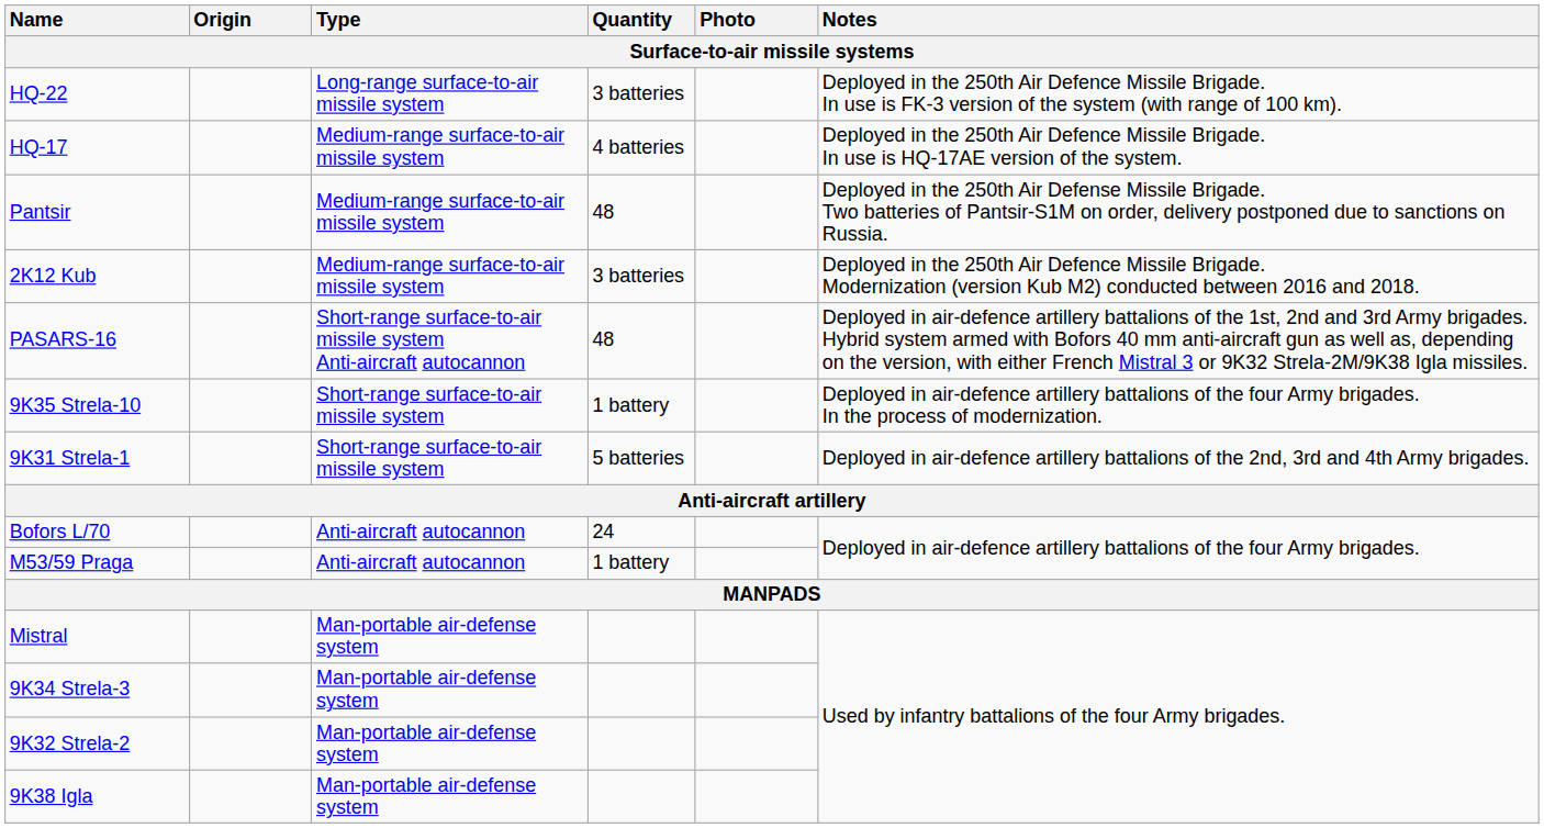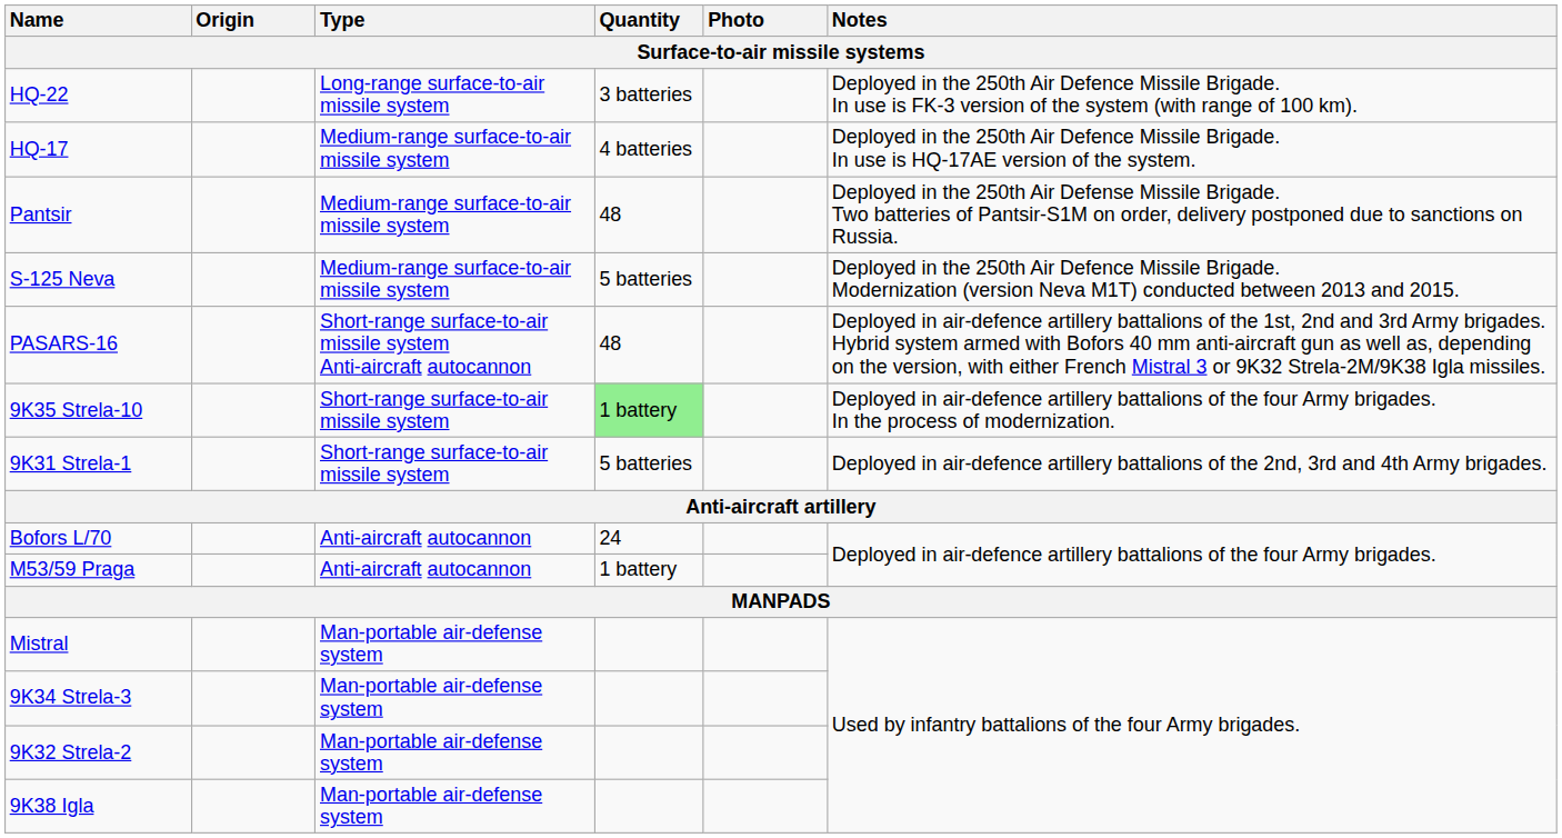 <table class="wikitable">
 <tr>
 <th style="text-align: left; width:12%;">Name</th>
 <th style="text-align: left; width:8%;">Origin</th>
 <th style="text-align: left; width:18%;">Type</th>
 <th style="text-align: left; width:7%;">Quantity</th>
 <th style="text-align: left;width:8%;">Photo</th>
 <th style="text-align: left;width:47%;">Notes</th>
 </tr>
 <tr>
 <th colspan="6">Surface-to-air missile systems</th>
 </tr>
 <tr>
 <td><a href='#'>HQ-22</a></td>
 <td></td>
 <td><a href='#'>Long-range surface-to-air missile system</a></td>
 <td>3 batteries</td>
 <td></td>
 <td>Deployed in the 250th Air Defence Missile Brigade.<br>In use is FK-3 version of the system (with range of 100 km).</td>
 </tr>
 <tr>
 <td><a href='#'>HQ-17</a></td>
 <td></td>
 <td><a href='#'>Medium-range surface-to-air missile system</a></td>
 <td>4 batteries</td>
 <td></td>
 <td>Deployed in the 250th Air Defence Missile Brigade.<br>In use is HQ-17AE version of the system.</td>
 </tr>
 <tr>
 <td><a href='#'>Pantsir</a></td>
 <td></td>
 <td><a href='#'>Medium-range surface-to-air missile system</a></td>
 <td>48</td>
 <td></td>
 <td>Deployed in the 250th Air Defense Missile Brigade.<br>Two batteries of Pantsir-S1M on order, delivery postponed due to sanctions on Russia.</td>
 </tr>
 <tr>
-<td><a href='#'>2K12 Kub</a></td>
+<td><a href='#'>S-125 Neva</a></td>
 <td></td>
 <td><a href='#'>Medium-range surface-to-air missile system</a></td>
-<td>3 batteries</td>
+<td>5 batteries</td>
 <td></td>
-<td>Deployed in the 250th Air Defence Missile Brigade.<br>Modernization (version Kub M2) conducted between 2016 and 2018.</td>
+<td>Deployed in the 250th Air Defence Missile Brigade.<br>Modernization (version Neva M1T) conducted between 2013 and 2015.</td>
 </tr>
 <tr>
 <td><a href='#'>PASARS-16</a></td>
 <td></td>
 <td><a href='#'>Short-range surface-to-air missile system</a> <br><a href='#'>Anti-aircraft</a> <a href='#'>autocannon</a></td>
 <td>48</td>
 <td></td>
 <td>Deployed in air-defence artillery battalions of the 1st, 2nd and 3rd Army brigades.<br>Hybrid system armed with Bofors 40 mm anti-aircraft gun as well as, depending on the version, with either French <a href='#'>Mistral 3</a> or 9K32 Strela-2M/9K38 Igla missiles.</td>
 </tr>
 <tr>
 <td><a href='#'>9K35 Strela-10</a></td>
 <td></td>
 <td><a href='#'>Short-range surface-to-air missile system</a></td>
-<td>1 battery</td>
+<td style="background: lightgreen;">1 battery</td>
 <td></td>
 <td>Deployed in air-defence artillery battalions of the four Army brigades.<br>In the process of modernization.</td>
 </tr>
 <tr>
 <td><a href='#'>9K31 Strela-1</a></td>
 <td></td>
 <td><a href='#'>Short-range surface-to-air missile system</a></td>
 <td>5 batteries</td>
 <td></td>
 <td>Deployed in air-defence artillery battalions of the 2nd, 3rd and 4th Army brigades.</td>
 </tr>
 <tr>
 <th colspan="6" style="align: center;">Anti-aircraft artillery</th>
 </tr>
 <tr>
 <td><a href='#'>Bofors L/70</a></td>
 <td></td>
 <td><a href='#'>Anti-aircraft</a> <a href='#'>autocannon</a></td>
 <td>24</td>
 <td></td>
 <td rowspan="2">Deployed in air-defence artillery battalions of the four Army brigades.</td>
 </tr>
 <tr>
 <td><a href='#'>M53/59 Praga</a></td>
 <td></td>
 <td><a href='#'>Anti-aircraft</a> <a href='#'>autocannon</a></td>
 <td>1 battery</td>
 <td></td>
 </tr>
 <tr>
 <th colspan="6" style="align: center;">MANPADS</th>
 </tr>
 <tr>
 <td><a href='#'>Mistral</a></td>
 <td></td>
 <td><a href='#'>Man-portable air-defense system</a></td>
 <td></td>
 <td></td>
 <td rowspan="4">Used by infantry battalions of the four Army brigades.</td>
 </tr>
 <tr>
 <td><a href='#'>9K34 Strela-3</a></td>
 <td></td>
 <td><a href='#'>Man-portable air-defense system</a></td>
 <td></td>
 <td></td>
 </tr>
 <tr>
 <td><a href='#'>9K32 Strela-2</a></td>
 <td></td>
 <td><a href='#'>Man-portable air-defense system</a></td>
 <td></td>
 <td></td>
 </tr>
 <tr>
 <td><a href='#'>9K38 Igla</a></td>
 <td></td>
 <td><a href='#'>Man-portable air-defense system</a></td>
 <td></td>
 <td></td>
 </tr>
 </table>
